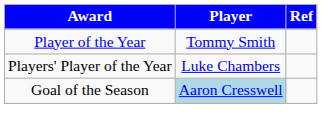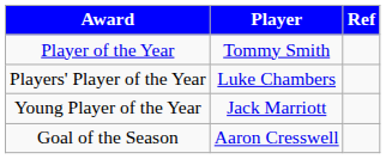 <table class="wikitable" style="text-align:center">
 <tr>
 <th style="background:blue; color:white; width=0%">Award</th>
 <th style="background:blue; color:white; width=0%">Player</th>
 <th style="background:blue; color:white; width=0%">Ref</th>
 </tr>
 <tr>
 <td><a href='#'>Player of the Year</a></td>
 <td> <a href='#'>Tommy Smith</a></td>
 <td></td>
 </tr>
 <tr>
 <td>Players' Player of the Year</td>
 <td> <a href='#'>Luke Chambers</a></td>
 <td></td>
 </tr>
 <tr>
+<td>Young Player of the Year</td>
+<td> <a href='#'>Jack Marriott</a></td>
+<td></td>
+</tr>
+<tr>
 <td>Goal of the Season</td>
-<td style="background: lightblue;"> <a href='#'>Aaron Cresswell</a></td>
+<td> <a href='#'>Aaron Cresswell</a></td>
 <td></td>
 </tr>
 </table>
